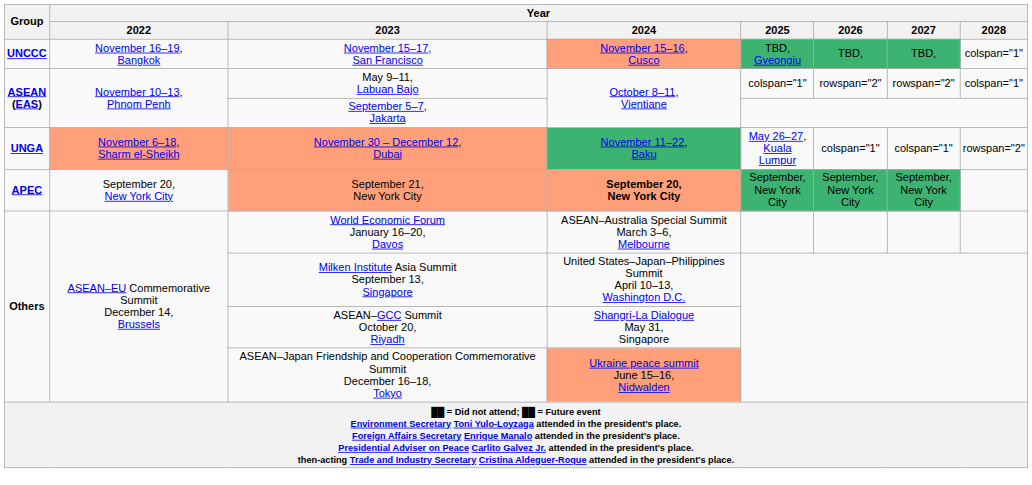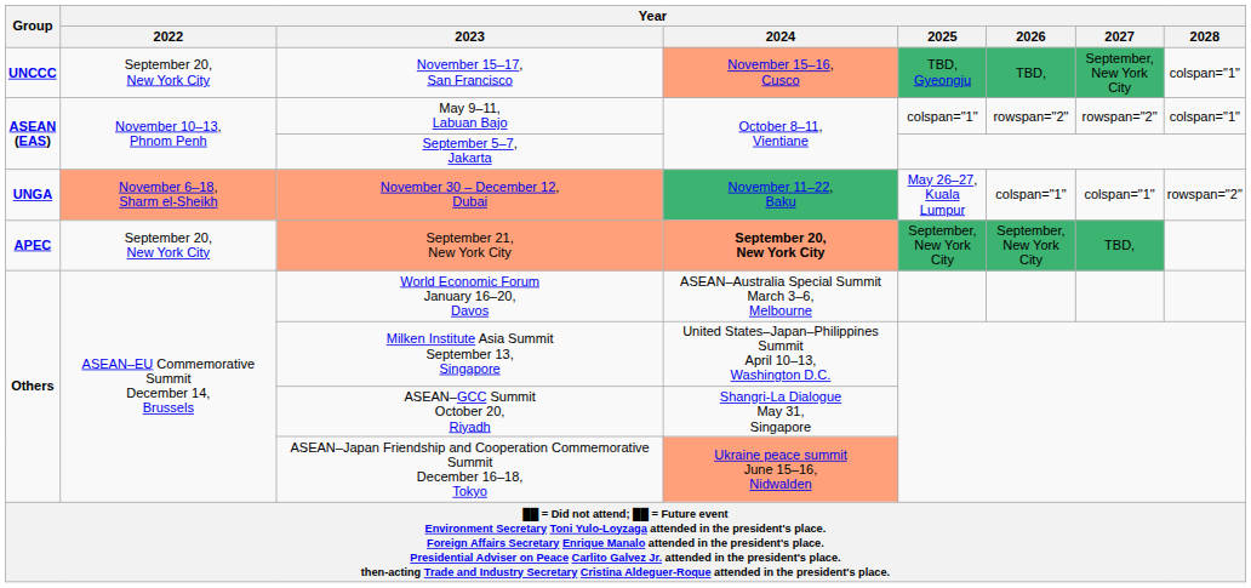 <table class="wikitable" style="margin:1em auto; font-size:85%; text-align:center;">
 <tr>
 <th rowspan="2">Group</th>
 <th colspan="7">Year</th>
 </tr>
 <tr>
 <th>2022</th>
 <th>2023</th>
 <th>2024</th>
 <th>2025</th>
 <th>2026</th>
 <th>2027</th>
 <th>2028</th>
 </tr>
 <tr>
 <td><strong><a href='#'>UNCCC</a></strong></td>
-<td><a href='#'>November 16–19</a>,<br> <a href='#'>Bangkok</a></td>
+<td>September 20,<br> <a href='#'>New York City</a></td>
 <td><a href='#'>November 15–17</a>,<br> <a href='#'>San Francisco</a></td>
 <td style="background:#ffa07a;"><a href='#'>November 15–16</a>,<br> <a href='#'>Cusco</a></td>
 <td style="background:#3Cb371;">TBD,<br> <a href='#'>Gyeongju</a></td>
 <td style="background:#3Cb371;">TBD,<br></td>
-<td style="background:#3Cb371;">TBD,<br></td>
+<td style="background:#3Cb371;">September,<br> New York City</td>
 <td>colspan="1" </td>
 </tr>
 <tr>
 <td rowspan="2"><strong><a href='#'>ASEAN</a><br>(<a href='#'>EAS</a>)</strong></td>
 <td rowspan="2"><a href='#'>November 10–13</a>,<br> <a href='#'>Phnom Penh</a></td>
 <td>May 9–11,<br> <a href='#'>Labuan Bajo</a></td>
 <td rowspan="2"><a href='#'>October 8–11</a>,<br> <a href='#'>Vientiane</a></td>
 <td>colspan="1" </td>
 <td>rowspan="2" </td>
 <td>rowspan="2" </td>
 <td>colspan="1" </td>
 </tr>
 <tr>
 <td><a href='#'>September 5–7</a>,<br> <a href='#'>Jakarta</a></td>
 </tr>
 <tr>
 <td><strong><a href='#'>UNGA</a></strong></td>
 <td style="background:#ffa07a;"><a href='#'>November 6–18</a>,<br> <a href='#'>Sharm el-Sheikh</a></td>
 <td style="background:#ffa07a;"><a href='#'>November 30 – December 12</a>,<br> <a href='#'>Dubai</a></td>
 <td style="background:#3Cb371;"><a href='#'>November 11–22</a>,<br> <a href='#'>Baku</a></td>
 <td><a href='#'>May 26–27</a>, <br> <a href='#'>Kuala Lumpur</a></td>
 <td>colspan="1" </td>
 <td>colspan="1" </td>
 <td>rowspan="2" </td>
 </tr>
 <tr>
 <td><strong><a href='#'>APEC</a></strong></td>
 <td>September 20,<br> <a href='#'>New York City</a></td>
 <td style="background:#ffa07a;">September 21,<br> New York City</td>
 <td style="background:#ffa07a;"><strong>September 20,<br> New York City</strong></td>
 <td style="background:#3Cb371;">September,<br> New York City</td>
 <td style="background:#3Cb371;">September,<br> New York City</td>
-<td style="background:#3Cb371;">September,<br> New York City</td>
+<td style="background:#3Cb371;">TBD,<br></td>
 <td></td>
 </tr>
 <tr>
 <td rowspan="4"><strong>Others</strong></td>
 <td rowspan="4"><a href='#'>ASEAN–EU</a> Commemorative Summit<br>December 14,<br> <a href='#'>Brussels</a></td>
 <td><a href='#'>World Economic Forum</a><br>January 16–20,<br> <a href='#'>Davos</a></td>
 <td>ASEAN–Australia Special Summit<br>March 3–6,<br> <a href='#'>Melbourne</a></td>
 <td></td>
 <td></td>
 <td></td>
 <td></td>
 </tr>
 <tr>
 <td><a href='#'>Milken Institute</a> Asia Summit<br>September 13,<br> <a href='#'>Singapore</a></td>
 <td>United States–Japan–Philippines Summit<br>April 10–13,<br> <a href='#'>Washington D.C.</a></td>
 </tr>
 <tr>
 <td>ASEAN–<a href='#'>GCC</a> Summit<br>October 20,<br> <a href='#'>Riyadh</a></td>
 <td><a href='#'>Shangri-La Dialogue</a><br>May 31,<br> Singapore</td>
 </tr>
 <tr>
 <td>ASEAN–Japan Friendship and Cooperation Commemorative Summit<br>December 16–18,<br> <a href='#'>Tokyo</a></td>
 <td style="background:#ffa07a;"><a href='#'>Ukraine peace summit</a><br>June 15–16,<br> <a href='#'>Nidwalden</a></td>
 </tr>
 <tr>
 <th colspan="8"><small><span>██</span> = Did not attend; <span>██</span> = Future event</small><br><small><a href='#'>Environment Secretary</a> <a href='#'>Toni Yulo-Loyzaga</a> attended in the president's place.<br><a href='#'>Foreign Affairs Secretary</a> <a href='#'>Enrique Manalo</a> attended in the president's place.<br> <a href='#'>Presidential Adviser on Peace</a> <a href='#'>Carlito Galvez Jr.</a> attended in the president's place.<br> then-acting <a href='#'>Trade and Industry Secretary</a> <a href='#'>Cristina Aldeguer-Roque</a> attended in the president's place.<br></small></th>
 </tr>
 </table>
